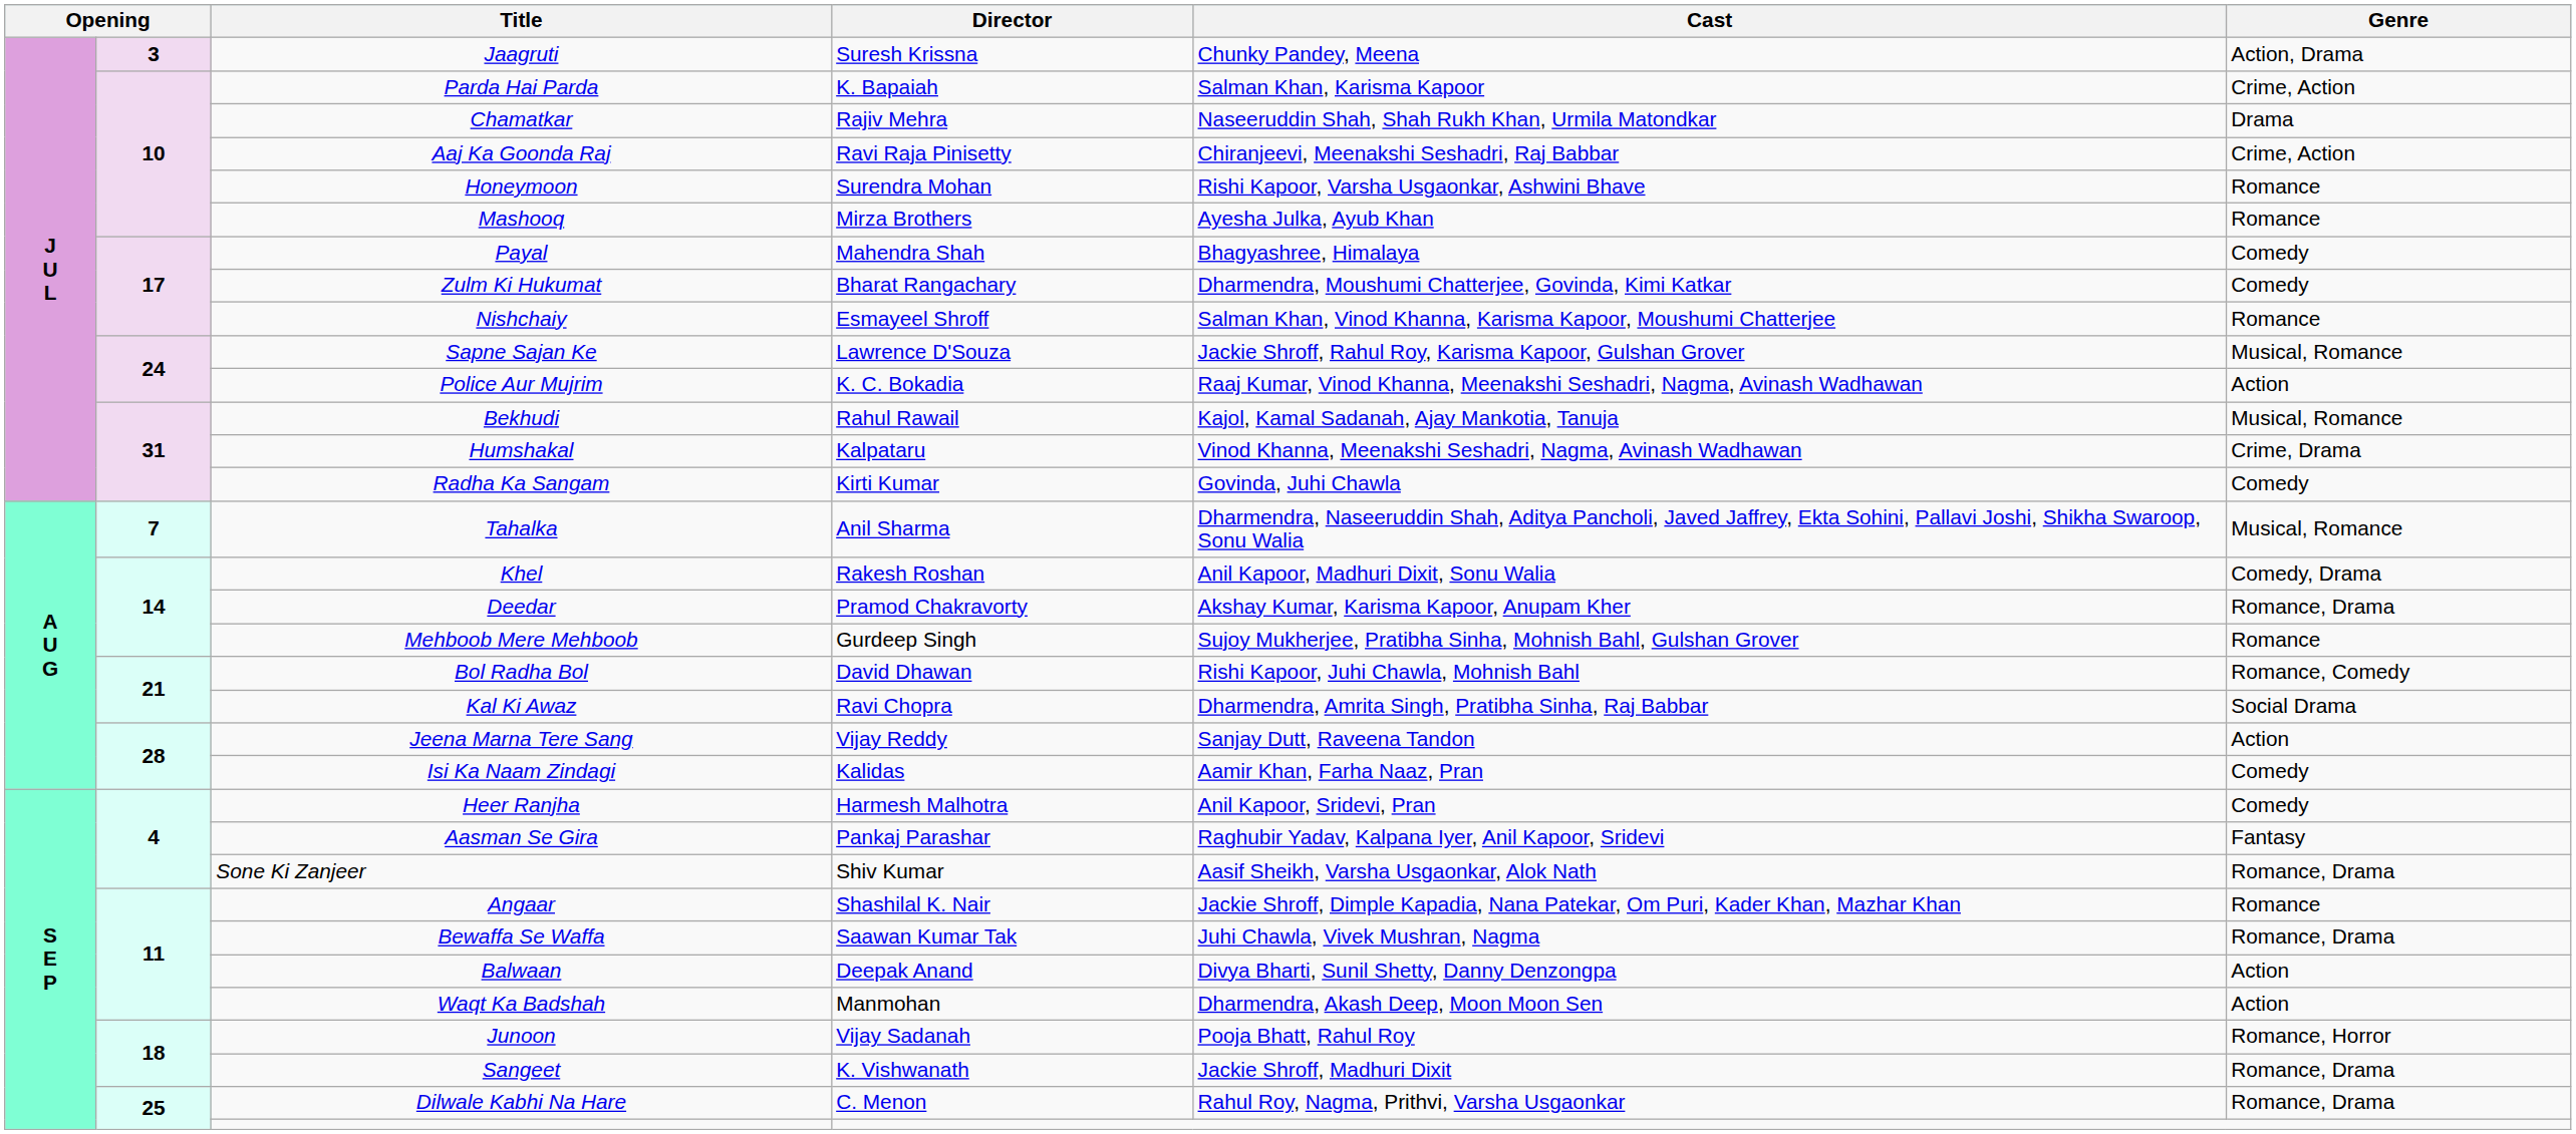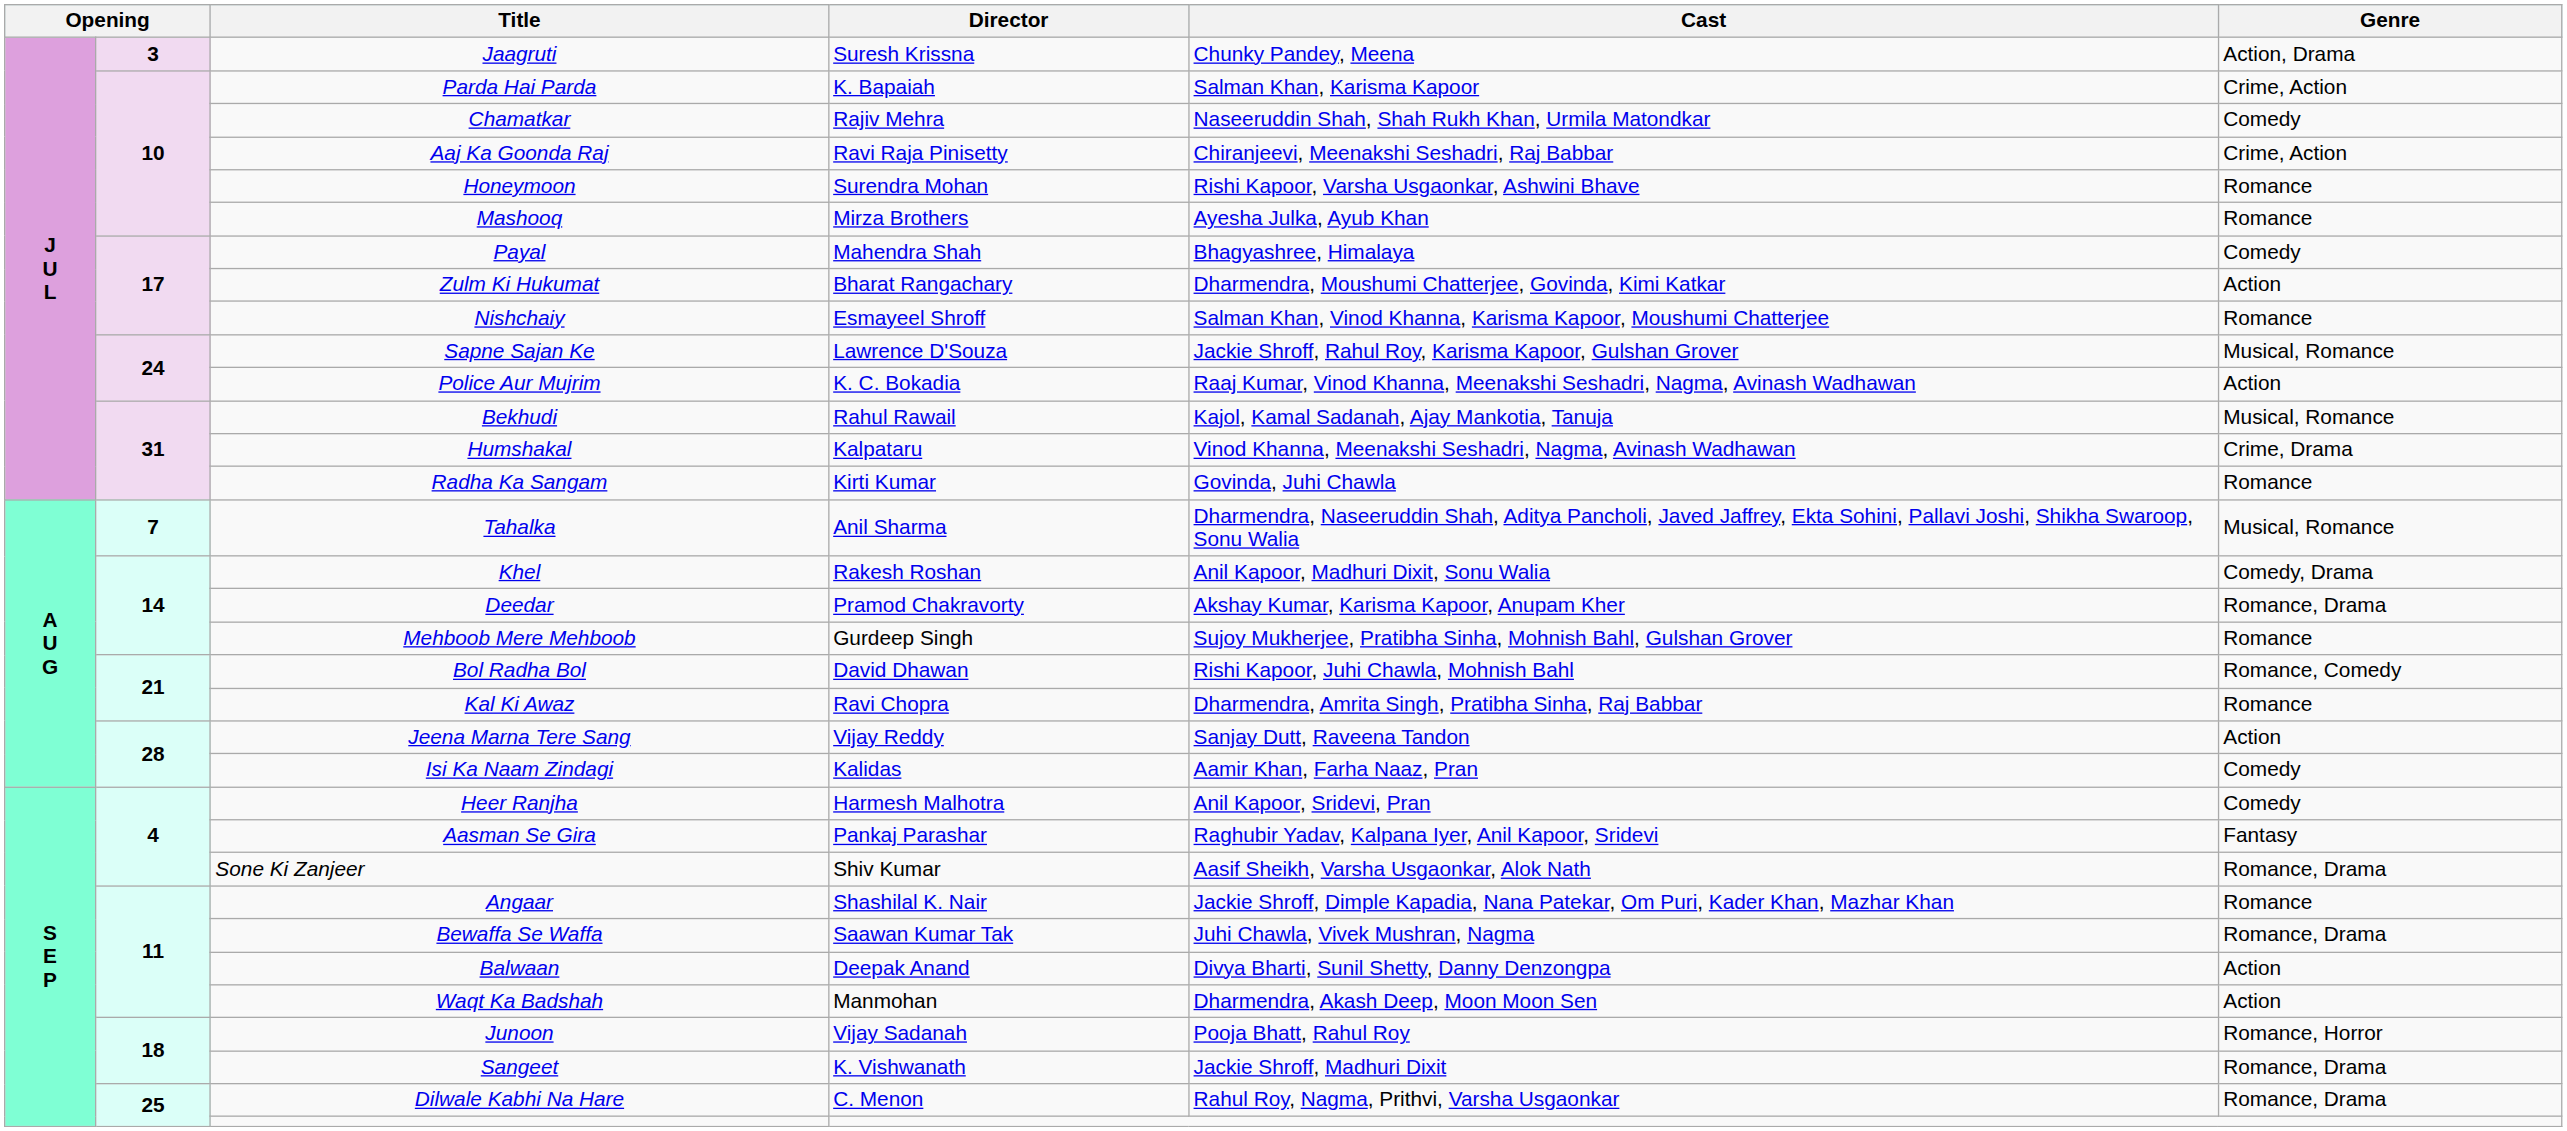 <table class="wikitable">
 <tr style="background:#b0e0e6; text-align:center;">
 <th colspan="2" style="width:6%;"><strong>Opening</strong></th>
 <th style="width:18%;"><strong>Title</strong></th>
 <th style="width:10.5%;"><strong>Director</strong></th>
 <th style="width:30%;"><strong>Cast</strong></th>
 <th style="width:10%;"><strong>Genre</strong></th>
 </tr>
 <tr>
 <td rowspan="14" style="text-align:center; background:plum; textcolor:#000;"><strong>J<br>U<br>L</strong></td>
 <td rowspan="1" style="text-align:center;background:#f1daf1;"><strong>3</strong></td>
 <td style="text-align:center;"><em><a href='#'>Jaagruti</a></em></td>
 <td><a href='#'>Suresh Krissna</a></td>
 <td><a href='#'>Chunky Pandey</a>, <a href='#'>Meena</a></td>
 <td>Action, Drama</td>
 </tr>
 <tr>
 <td rowspan="5" style="text-align:center;background:#f1daf1;"><strong>10</strong></td>
 <td style="text-align:center;"><em><a href='#'>Parda Hai Parda</a></em></td>
 <td><a href='#'>K. Bapaiah</a></td>
 <td><a href='#'>Salman Khan</a>, <a href='#'>Karisma Kapoor</a></td>
 <td>Crime, Action</td>
 </tr>
 <tr>
 <td style="text-align:center;"><em><a href='#'>Chamatkar</a></em></td>
 <td><a href='#'>Rajiv Mehra</a></td>
 <td><a href='#'>Naseeruddin Shah</a>, <a href='#'>Shah Rukh Khan</a>, <a href='#'>Urmila Matondkar</a></td>
-<td>Drama</td>
+<td>Comedy</td>
 </tr>
 <tr>
 <td style="text-align:center;"><em><a href='#'>Aaj Ka Goonda Raj</a></em></td>
 <td><a href='#'>Ravi Raja Pinisetty</a></td>
 <td><a href='#'>Chiranjeevi</a>, <a href='#'>Meenakshi Seshadri</a>, <a href='#'>Raj Babbar</a></td>
 <td>Crime, Action</td>
 </tr>
 <tr>
 <td style="text-align:center;"><em><a href='#'>Honeymoon</a></em></td>
 <td><a href='#'>Surendra Mohan</a></td>
 <td><a href='#'>Rishi Kapoor</a>, <a href='#'>Varsha Usgaonkar</a>, <a href='#'>Ashwini Bhave</a></td>
 <td>Romance</td>
 </tr>
 <tr>
 <td style="text-align:center;"><em><a href='#'>Mashooq</a></em></td>
 <td><a href='#'>Mirza Brothers</a></td>
 <td><a href='#'>Ayesha Julka</a>, <a href='#'>Ayub Khan</a></td>
 <td>Romance</td>
 </tr>
 <tr>
 <td rowspan="3" style="text-align:center;background:#f1daf1;"><strong>17</strong></td>
 <td style="text-align:center;"><em><a href='#'>Payal</a></em></td>
 <td><a href='#'>Mahendra Shah</a></td>
 <td><a href='#'>Bhagyashree</a>, <a href='#'>Himalaya</a></td>
 <td>Comedy</td>
 </tr>
 <tr>
 <td style="text-align:center;"><em><a href='#'>Zulm Ki Hukumat</a></em></td>
 <td><a href='#'>Bharat Rangachary</a></td>
 <td><a href='#'>Dharmendra</a>, <a href='#'>Moushumi Chatterjee</a>, <a href='#'>Govinda</a>, <a href='#'>Kimi Katkar</a></td>
-<td>Comedy</td>
+<td>Action</td>
 </tr>
 <tr>
 <td style="text-align:center;"><em><a href='#'>Nishchaiy</a></em></td>
 <td><a href='#'>Esmayeel Shroff</a></td>
 <td><a href='#'>Salman Khan</a>, <a href='#'>Vinod Khanna</a>, <a href='#'>Karisma Kapoor</a>, <a href='#'>Moushumi Chatterjee</a></td>
 <td>Romance</td>
 </tr>
 <tr>
 <td rowspan="2" style="text-align:center;background:#f1daf1;"><strong>24</strong></td>
 <td style="text-align:center;"><em><a href='#'>Sapne Sajan Ke</a></em></td>
 <td><a href='#'>Lawrence D'Souza</a></td>
 <td><a href='#'>Jackie Shroff</a>, <a href='#'>Rahul Roy</a>, <a href='#'>Karisma Kapoor</a>, <a href='#'>Gulshan Grover</a></td>
 <td>Musical, Romance</td>
 </tr>
 <tr>
 <td style="text-align:center;"><em><a href='#'>Police Aur Mujrim</a></em></td>
 <td><a href='#'>K. C. Bokadia</a></td>
 <td><a href='#'>Raaj Kumar</a>, <a href='#'>Vinod Khanna</a>, <a href='#'>Meenakshi Seshadri</a>, <a href='#'>Nagma</a>, <a href='#'>Avinash Wadhawan</a></td>
 <td>Action</td>
 </tr>
 <tr>
 <td rowspan="3" style="text-align:center;background:#f1daf1;"><strong>31</strong></td>
 <td style="text-align:center;"><em><a href='#'>Bekhudi</a></em></td>
 <td><a href='#'>Rahul Rawail</a></td>
 <td><a href='#'>Kajol</a>, <a href='#'>Kamal Sadanah</a>, <a href='#'>Ajay Mankotia</a>, <a href='#'>Tanuja</a></td>
 <td>Musical, Romance</td>
 </tr>
 <tr>
 <td style="text-align:center;"><em><a href='#'>Humshakal</a></em></td>
 <td><a href='#'>Kalpataru</a></td>
 <td><a href='#'>Vinod Khanna</a>, <a href='#'>Meenakshi Seshadri</a>, <a href='#'>Nagma</a>, <a href='#'>Avinash Wadhawan</a></td>
 <td>Crime, Drama</td>
 </tr>
 <tr>
 <td style="text-align:center;"><em><a href='#'>Radha Ka Sangam</a></em></td>
 <td><a href='#'>Kirti Kumar</a></td>
 <td><a href='#'>Govinda</a>, <a href='#'>Juhi Chawla</a></td>
-<td>Comedy</td>
+<td>Romance</td>
 </tr>
 <tr>
 <td rowspan="8" style="text-align:center; background:#7FFFD4; textcolor:#000;"><strong>A<br>U<br>G</strong></td>
 <td rowspan="1" style="text-align:center;background:#DBFFF8;"><strong>7</strong></td>
 <td style="text-align:center;"><em><a href='#'>Tahalka</a></em></td>
 <td><a href='#'>Anil Sharma</a></td>
 <td><a href='#'>Dharmendra</a>, <a href='#'>Naseeruddin Shah</a>, <a href='#'>Aditya Pancholi</a>, <a href='#'>Javed Jaffrey</a>, <a href='#'>Ekta Sohini</a>, <a href='#'>Pallavi Joshi</a>, <a href='#'>Shikha Swaroop</a>, <a href='#'>Sonu Walia</a></td>
 <td>Musical, Romance</td>
 </tr>
 <tr>
 <td rowspan="3" style="text-align:center;background:#DBFFF8;"><strong>14</strong></td>
 <td style="text-align:center;"><em><a href='#'>Khel</a></em></td>
 <td><a href='#'>Rakesh Roshan</a></td>
 <td><a href='#'>Anil Kapoor</a>, <a href='#'>Madhuri Dixit</a>, <a href='#'>Sonu Walia</a></td>
 <td>Comedy, Drama</td>
 </tr>
 <tr>
 <td style="text-align:center;"><em><a href='#'>Deedar</a></em></td>
 <td><a href='#'>Pramod Chakravorty</a></td>
 <td><a href='#'>Akshay Kumar</a>, <a href='#'>Karisma Kapoor</a>, <a href='#'>Anupam Kher</a></td>
 <td>Romance, Drama</td>
 </tr>
 <tr>
 <td style="text-align:center;"><em><a href='#'>Mehboob Mere Mehboob</a></em></td>
 <td>Gurdeep Singh</td>
 <td><a href='#'>Sujoy Mukherjee</a>, <a href='#'>Pratibha Sinha</a>, <a href='#'>Mohnish Bahl</a>, <a href='#'>Gulshan Grover</a></td>
 <td>Romance</td>
 </tr>
 <tr>
 <td rowspan="2" style="text-align:center;background:#DBFFF8;"><strong>21</strong></td>
 <td style="text-align:center;"><em><a href='#'>Bol Radha Bol</a></em></td>
 <td><a href='#'>David Dhawan</a></td>
 <td><a href='#'>Rishi Kapoor</a>, <a href='#'>Juhi Chawla</a>, <a href='#'>Mohnish Bahl</a></td>
 <td>Romance, Comedy</td>
 </tr>
 <tr>
 <td style="text-align:center;"><em><a href='#'>Kal Ki Awaz</a></em></td>
 <td><a href='#'>Ravi Chopra</a></td>
 <td><a href='#'>Dharmendra</a>, <a href='#'>Amrita Singh</a>, <a href='#'>Pratibha Sinha</a>, <a href='#'>Raj Babbar</a></td>
-<td>Social Drama</td>
+<td>Romance</td>
 </tr>
 <tr>
 <td rowspan="2" style="text-align:center;background:#DBFFF8;"><strong>28</strong></td>
 <td style="text-align:center;"><em><a href='#'>Jeena Marna Tere Sang</a></em></td>
 <td><a href='#'>Vijay Reddy</a></td>
 <td><a href='#'>Sanjay Dutt</a>, <a href='#'>Raveena Tandon</a></td>
 <td>Action</td>
 </tr>
 <tr>
 <td style="text-align:center;"><em><a href='#'>Isi Ka Naam Zindagi</a></em></td>
 <td><a href='#'>Kalidas</a></td>
 <td><a href='#'>Aamir Khan</a>, <a href='#'>Farha Naaz</a>, <a href='#'>Pran</a></td>
 <td>Comedy</td>
 </tr>
 <tr>
 <td rowspan="12" style="text-align:center; background:#7FFFD4; textcolor:#000;"><strong>S<br>E<br>P</strong></td>
 <td rowspan="3" style="text-align:center;background:#DBFFF8;"><strong>4</strong></td>
 <td style="text-align:center;"><em><a href='#'>Heer Ranjha</a></em></td>
 <td><a href='#'>Harmesh Malhotra</a></td>
 <td><a href='#'>Anil Kapoor</a>, <a href='#'>Sridevi</a>, <a href='#'>Pran</a></td>
 <td>Comedy</td>
 </tr>
 <tr>
 <td style="text-align:center;"><em><a href='#'>Aasman Se Gira</a></em></td>
 <td><a href='#'>Pankaj Parashar</a></td>
 <td><a href='#'>Raghubir Yadav</a>, <a href='#'>Kalpana Iyer</a>, <a href='#'>Anil Kapoor</a>, <a href='#'>Sridevi</a></td>
 <td>Fantasy</td>
 </tr>
 <tr>
 <td><em>Sone Ki Zanjeer</em></td>
 <td>Shiv Kumar</td>
 <td><a href='#'>Aasif Sheikh</a>, <a href='#'>Varsha Usgaonkar</a>, <a href='#'>Alok Nath</a></td>
 <td>Romance, Drama</td>
 </tr>
 <tr>
 <td rowspan="4" style="text-align:center;background:#DBFFF8;"><strong>11</strong></td>
 <td style="text-align:center;"><em><a href='#'>Angaar</a></em></td>
 <td><a href='#'>Shashilal K. Nair</a></td>
 <td><a href='#'>Jackie Shroff</a>, <a href='#'>Dimple Kapadia</a>, <a href='#'>Nana Patekar</a>, <a href='#'>Om Puri</a>, <a href='#'>Kader Khan</a>, <a href='#'>Mazhar Khan</a></td>
 <td>Romance</td>
 </tr>
 <tr>
 <td style="text-align:center;"><em><a href='#'>Bewaffa Se Waffa</a></em></td>
 <td><a href='#'>Saawan Kumar Tak</a></td>
 <td><a href='#'>Juhi Chawla</a>, <a href='#'>Vivek Mushran</a>, <a href='#'>Nagma</a></td>
 <td>Romance, Drama</td>
 </tr>
 <tr>
 <td style="text-align:center;"><em><a href='#'>Balwaan</a></em></td>
 <td><a href='#'>Deepak Anand</a></td>
 <td><a href='#'>Divya Bharti</a>, <a href='#'>Sunil Shetty</a>, <a href='#'>Danny Denzongpa</a></td>
 <td>Action</td>
 </tr>
 <tr>
 <td style="text-align:center;"><em><a href='#'>Waqt Ka Badshah</a></em></td>
 <td>Manmohan</td>
 <td><a href='#'>Dharmendra</a>, <a href='#'>Akash Deep</a>, <a href='#'>Moon Moon Sen</a></td>
 <td>Action</td>
 </tr>
 <tr>
 <td rowspan="2" style="text-align:center;background:#DBFFF8;"><strong>18</strong></td>
 <td style="text-align:center;"><em><a href='#'>Junoon</a></em></td>
 <td><a href='#'>Vijay Sadanah</a></td>
 <td><a href='#'>Pooja Bhatt</a>, <a href='#'>Rahul Roy</a></td>
 <td>Romance, Horror</td>
 </tr>
 <tr>
 <td style="text-align:center;"><em><a href='#'>Sangeet</a></em></td>
 <td><a href='#'>K. Vishwanath</a></td>
 <td><a href='#'>Jackie Shroff</a>, <a href='#'>Madhuri Dixit</a></td>
 <td>Romance, Drama</td>
 </tr>
 <tr>
 <td rowspan="2" style="text-align:center;background:#DBFFF8;"><strong>25</strong></td>
 <td style="text-align:center;"><em><a href='#'>Dilwale Kabhi Na Hare</a></em></td>
 <td><a href='#'>C. Menon</a></td>
 <td><a href='#'>Rahul Roy</a>, <a href='#'>Nagma</a>, Prithvi, <a href='#'>Varsha Usgaonkar</a></td>
 <td>Romance, Drama</td>
 </tr>
 <tr>
 <td></td>
 </tr>
 </table>
